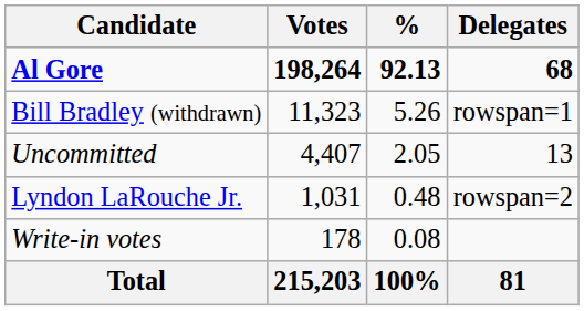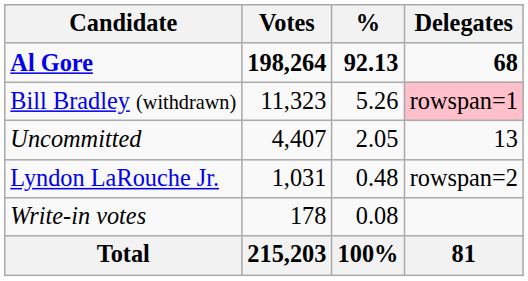 <table class="wikitable sortable" style="text-align:right;">
 <tr>
 <th>Candidate</th>
 <th>Votes</th>
 <th>%</th>
 <th>Delegates</th>
 </tr>
 <tr>
 <td style="text-align:left;" data-sort-value="Gore, Al"><strong><a href='#'>Al Gore</a></strong></td>
 <td><strong>198,264</strong></td>
 <td><strong>92.13</strong></td>
 <td><strong>68</strong></td>
 </tr>
 <tr>
 <td style="text-align:left;" data-sort-value="Bradley, Bill"><a href='#'>Bill Bradley</a> <small>(withdrawn)</small></td>
 <td>11,323</td>
 <td>5.26</td>
-<td>rowspan=1 </td>
+<td style="background: pink;">rowspan=1 </td>
 </tr>
 <tr>
 <td style="text-align:left;" data-sort-value="ZZZ"><em>Uncommitted</em></td>
 <td>4,407</td>
 <td>2.05</td>
 <td>13</td>
 </tr>
 <tr>
 <td style="text-align:left;" data-sort-value="LaRouche Jr., Lyndon"><a href='#'>Lyndon LaRouche Jr.</a></td>
 <td>1,031</td>
 <td>0.48</td>
 <td>rowspan=2 </td>
 </tr>
 <tr>
 <td style="text-align:left;" data-sort-value="ZZZ"><em>Write-in votes</em></td>
 <td>178</td>
 <td>0.08</td>
 </tr>
 <tr>
 <th>Total</th>
 <th>215,203</th>
 <th>100%</th>
 <th>81</th>
 </tr>
 </table>
